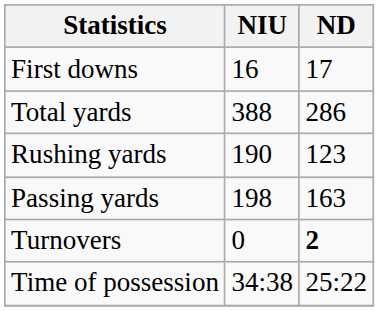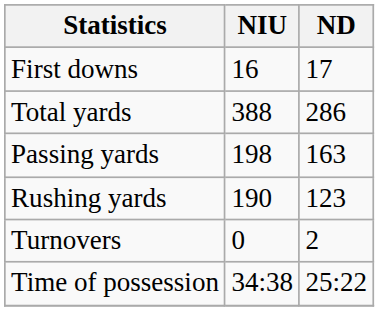 <table class="wikitable" style="float: left;">
 <tr>
 <th>Statistics</th>
 <th>NIU</th>
 <th>ND</th>
 </tr>
 <tr>
 <td>First downs</td>
 <td>16</td>
 <td>17</td>
 </tr>
 <tr>
 <td>Total yards</td>
 <td>388</td>
 <td>286</td>
 </tr>
 <tr>
+<td>Passing yards</td>
+<td>198</td>
+<td>163</td>
+</tr>
+<tr>
 <td>Rushing yards</td>
 <td>190</td>
 <td>123</td>
 </tr>
 <tr>
-<td>Passing yards</td>
-<td>198</td>
-<td>163</td>
-</tr>
-<tr>
 <td>Turnovers</td>
 <td>0</td>
-<td><strong>2</strong></td>
+<td>2</td>
 </tr>
 <tr>
 <td>Time of possession</td>
 <td>34:38</td>
 <td>25:22</td>
 </tr>
 <tr>
 </tr>
 </table>
